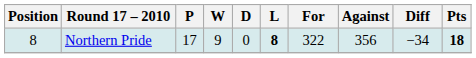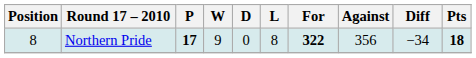 <table class="wikitable" style="text-align:center; font-size:85%;">
 <tr>
 <th width=40 abbr="Position">Position</th>
 <th width=100>Round 17 – 2010</th>
 <th width=20 abbr="Played">P</th>
 <th width=20 abbr="Won">W</th>
 <th width=20 abbr="Drawn">D</th>
 <th width=20 abbr="Lost">L</th>
 <th width=40 abbr="Points for">For</th>
 <th width=40 abbr="Points against">Against</th>
 <th width=40 abbr="Points difference">Diff</th>
 <th width=20 abbr="Points">Pts</th>
 </tr>
 <tr style="background: #d7ebed;">
 <td>8</td>
 <td style="text-align:left;"> <a href='#'>Northern Pride</a></td>
-<td>17</td>
+<td><strong>17</strong></td>
 <td>9</td>
 <td>0</td>
-<td><strong>8</strong></td>
-<td>322</td>
+<td>8</td>
+<td><strong>322</strong></td>
 <td>356</td>
 <td>−34</td>
 <td><strong>18</strong></td>
 </tr>
 <tr>
 </tr>
 </table>
